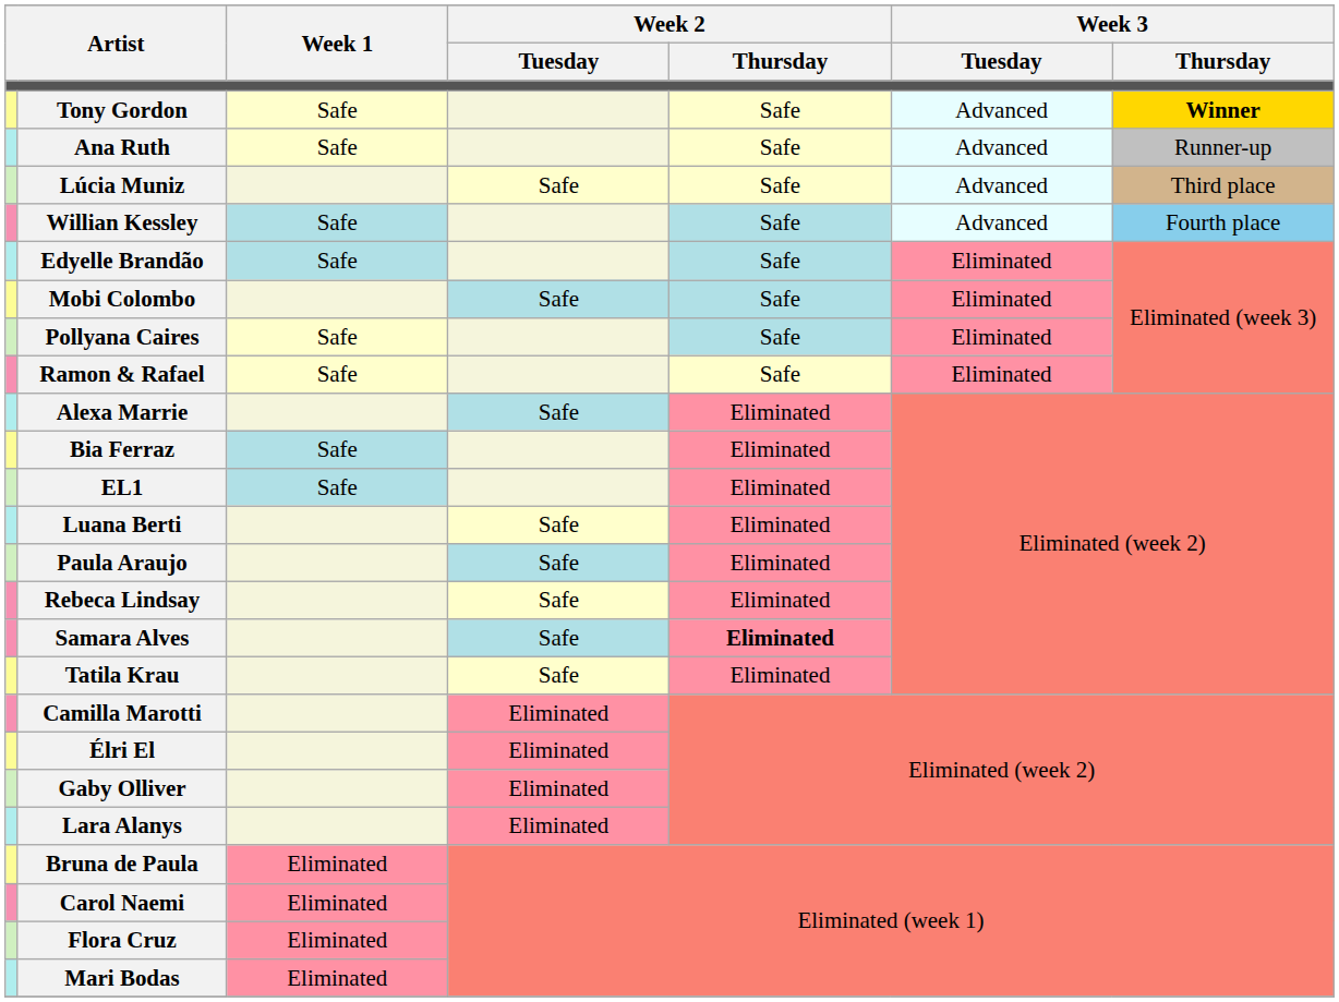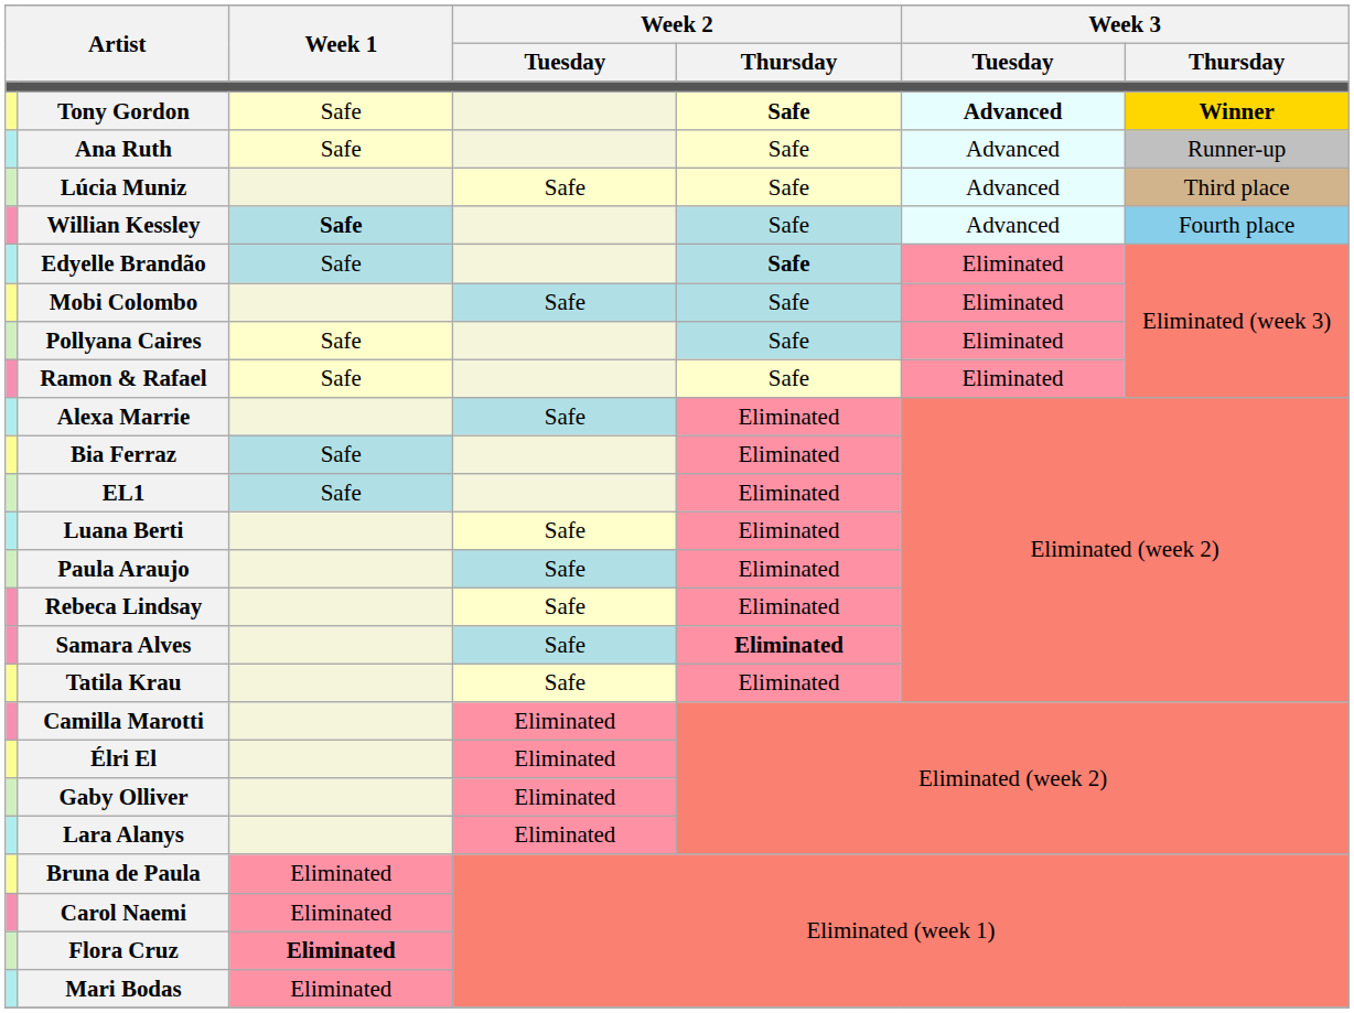 <table class="wikitable" style="text-align:center; font-size:95%; width:100%;">
 <tr>
 </tr>
 <tr>
 <th rowspan=2 width=15% colspan=2>Artist</th>
 <th rowspan=2 width=15%>Week 1</th>
 <th colspan=2>Week 2</th>
 <th colspan=2>Week 3</th>
 </tr>
 <tr>
 <th width=15%>Tuesday</th>
 <th width=15%>Thursday</th>
 <th width=15%>Tuesday</th>
 <th width=15%>Thursday</th>
 </tr>
 <tr>
 <td colspan=7 bgcolor=555555></td>
 </tr>
 <tr>
 <td bgcolor=FDFD96></td>
 <th>Tony Gordon</th>
 <td bgcolor=FFFFCC>Safe</td>
 <td bgcolor=F5F5DC></td>
-<td bgcolor=FFFFCC>Safe</td>
-<td bgcolor=E7FEFF>Advanced</td>
+<td bgcolor=FFFFCC><strong>Safe</strong></td>
+<td bgcolor=E7FEFF><strong>Advanced</strong></td>
 <td bgcolor=FFD700><strong> Winner</strong></td>
 </tr>
 <tr>
 <td bgcolor=AFEEEE></td>
 <th>Ana Ruth</th>
 <td bgcolor=FFFFCC>Safe</td>
 <td bgcolor=F5F5DC></td>
 <td bgcolor=FFFFCC>Safe</td>
 <td bgcolor=E7FEFF>Advanced</td>
 <td bgcolor=C0C0C0>Runner-up</td>
 </tr>
 <tr>
 <td bgcolor=D0F0C0></td>
 <th>Lúcia Muniz</th>
 <td bgcolor=F5F5DC></td>
 <td bgcolor=FFFFCC>Safe</td>
 <td bgcolor=FFFFCC>Safe</td>
 <td bgcolor=E7FEFF>Advanced</td>
 <td bgcolor=D2B48C>Third place</td>
 </tr>
 <tr>
 <td bgcolor=F78FB2></td>
 <th>Willian Kessley</th>
-<td bgcolor=B0E0E6>Safe</td>
+<td bgcolor=B0E0E6><strong>Safe</strong></td>
 <td bgcolor=F5F5DC></td>
 <td bgcolor=B0E0E6>Safe</td>
 <td bgcolor=E7FEFF>Advanced</td>
 <td bgcolor=87CEEB>Fourth place</td>
 </tr>
 <tr>
 <td bgcolor=AFEEEE></td>
 <th>Edyelle Brandão</th>
 <td bgcolor=B0E0E6>Safe</td>
 <td bgcolor=F5F5DC></td>
-<td bgcolor=B0E0E6>Safe</td>
+<td bgcolor=B0E0E6><strong>Safe</strong></td>
 <td bgcolor=FF91A4>Eliminated</td>
 <td bgcolor=FA8072 rowspan=4 colspan=2>Eliminated (week 3)</td>
 </tr>
 <tr>
 <td bgcolor=FDFD96></td>
 <th>Mobi Colombo</th>
 <td bgcolor=F5F5DC></td>
 <td bgcolor=B0E0E6>Safe</td>
 <td bgcolor=B0E0E6>Safe</td>
 <td bgcolor=FF91A4>Eliminated</td>
 </tr>
 <tr>
 <td bgcolor=D0F0C0></td>
 <th>Pollyana Caires</th>
 <td bgcolor=FFFFCC>Safe</td>
 <td bgcolor=F5F5DC></td>
 <td bgcolor=B0E0E6>Safe</td>
 <td bgcolor=FF91A4>Eliminated</td>
 </tr>
 <tr>
 <td bgcolor=F78FB2></td>
 <th>Ramon & Rafael</th>
 <td bgcolor=FFFFCC>Safe</td>
 <td bgcolor=F5F5DC></td>
 <td bgcolor=FFFFCC>Safe</td>
 <td bgcolor=FF91A4>Eliminated</td>
 </tr>
 <tr>
 <td bgcolor=AFEEEE></td>
 <th>Alexa Marrie</th>
 <td bgcolor=F5F5DC></td>
 <td bgcolor=B0E0E6>Safe</td>
 <td bgcolor=FF91A4>Eliminated</td>
 <td bgcolor=FA8072 rowspan=8 colspan=2>Eliminated (week 2)</td>
 </tr>
 <tr>
 <td bgcolor=FDFD96></td>
 <th>Bia Ferraz</th>
 <td bgcolor=B0E0E6>Safe</td>
 <td bgcolor=F5F5DC></td>
 <td bgcolor=FF91A4>Eliminated</td>
 </tr>
 <tr>
 <td bgcolor=D0F0C0></td>
 <th>EL1</th>
 <td bgcolor=B0E0E6>Safe</td>
 <td bgcolor=F5F5DC></td>
 <td bgcolor=FF91A4>Eliminated</td>
 </tr>
 <tr>
 <td bgcolor=AFEEEE></td>
 <th>Luana Berti</th>
 <td bgcolor=F5F5DC></td>
 <td bgcolor=FFFFCC>Safe</td>
 <td bgcolor=FF91A4>Eliminated</td>
 </tr>
 <tr>
 <td bgcolor=D0F0C0></td>
 <th>Paula Araujo</th>
 <td bgcolor=F5F5DC></td>
 <td bgcolor=B0E0E6>Safe</td>
 <td bgcolor=FF91A4>Eliminated</td>
 </tr>
 <tr>
 <td bgcolor=F78FB2></td>
 <th>Rebeca Lindsay</th>
 <td bgcolor=F5F5DC></td>
 <td bgcolor=FFFFCC>Safe</td>
 <td bgcolor=FF91A4>Eliminated</td>
 </tr>
 <tr>
 <td bgcolor=F78FB2></td>
 <th>Samara Alves</th>
 <td bgcolor=F5F5DC></td>
 <td bgcolor=B0E0E6>Safe</td>
 <td bgcolor=FF91A4><strong>Eliminated</strong></td>
 </tr>
 <tr>
 <td bgcolor=FDFD96></td>
 <th>Tatila Krau</th>
 <td bgcolor=F5F5DC></td>
 <td bgcolor=FFFFCC>Safe</td>
 <td bgcolor=FF91A4>Eliminated</td>
 </tr>
 <tr>
 <td bgcolor=F78FB2></td>
 <th>Camilla Marotti</th>
 <td bgcolor=F5F5DC></td>
 <td bgcolor=FF91A4>Eliminated</td>
 <td bgcolor=FA8072 rowspan=4 colspan=3>Eliminated (week 2)</td>
 </tr>
 <tr>
 <td bgcolor=FDFD96></td>
 <th>Élri El</th>
 <td bgcolor=F5F5DC></td>
 <td bgcolor=FF91A4>Eliminated</td>
 </tr>
 <tr>
 <td bgcolor=D0F0C0></td>
 <th>Gaby Olliver</th>
 <td bgcolor=F5F5DC></td>
 <td bgcolor=FF91A4>Eliminated</td>
 </tr>
 <tr>
 <td bgcolor=AFEEEE></td>
 <th>Lara Alanys</th>
 <td bgcolor=F5F5DC></td>
 <td bgcolor=FF91A4>Eliminated</td>
 </tr>
 <tr>
 <td bgcolor=FDFD96></td>
 <th>Bruna de Paula</th>
 <td bgcolor=FF91A4>Eliminated</td>
 <td bgcolor=FA8072 rowspan=4 colspan=4>Eliminated (week 1)</td>
 </tr>
 <tr>
 <td bgcolor=F78FB2></td>
 <th>Carol Naemi</th>
 <td bgcolor=FF91A4>Eliminated</td>
 </tr>
 <tr>
 <td bgcolor=D0F0C0></td>
 <th>Flora Cruz</th>
-<td bgcolor=FF91A4>Eliminated</td>
+<td bgcolor=FF91A4><strong>Eliminated</strong></td>
 </tr>
 <tr>
 <td bgcolor=AFEEEE></td>
 <th>Mari Bodas</th>
 <td bgcolor=FF91A4>Eliminated</td>
 </tr>
 <tr>
 </tr>
 </table>
